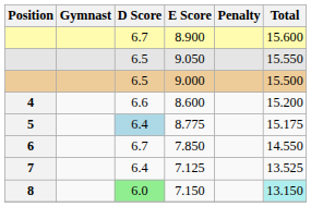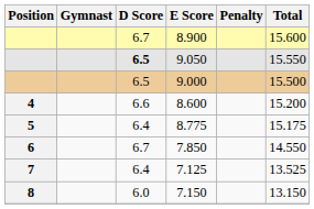 <table class="wikitable sortable" style="text-align:center; font-size:95%">
 <tr>
 <th>Position</th>
 <th>Gymnast</th>
 <th>D Score</th>
 <th>E Score</th>
 <th>Penalty</th>
 <th>Total</th>
 </tr>
 <tr bgcolor=fffcaf>
 <td></td>
 <td align=left></td>
 <td>6.7</td>
 <td>8.900</td>
 <td></td>
 <td>15.600</td>
 </tr>
 <tr bgcolor=e5e5e5>
 <td></td>
 <td align=left></td>
-<td>6.5</td>
+<td><strong>6.5</strong></td>
 <td>9.050</td>
 <td></td>
 <td>15.550</td>
 </tr>
 <tr bgcolor=eecc99>
 <td></td>
 <td align=left></td>
 <td>6.5</td>
 <td>9.000</td>
 <td></td>
 <td>15.500</td>
 </tr>
 <tr>
 <th><strong>4</strong></th>
 <td align=left></td>
 <td>6.6</td>
 <td>8.600</td>
 <td></td>
 <td>15.200</td>
 </tr>
 <tr>
 <th><strong>5</strong></th>
 <td align=left></td>
-<td style="background: lightblue;">6.4</td>
+<td>6.4</td>
 <td>8.775</td>
 <td></td>
 <td>15.175</td>
 </tr>
 <tr>
 <th><strong>6</strong></th>
 <td align=left></td>
 <td>6.7</td>
 <td>7.850</td>
 <td></td>
 <td>14.550</td>
 </tr>
 <tr>
 <th><strong>7</strong></th>
 <td align=left></td>
 <td>6.4</td>
 <td>7.125</td>
 <td></td>
 <td>13.525</td>
 </tr>
 <tr>
 <th><strong>8</strong></th>
 <td align=left></td>
-<td style="background: lightgreen;">6.0</td>
+<td>6.0</td>
 <td>7.150</td>
 <td></td>
-<td style="background: paleturquoise;">13.150</td>
+<td>13.150</td>
 </tr>
 <tr>
 </tr>
 </table>
